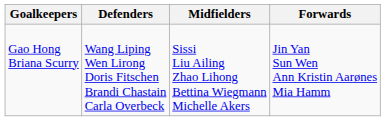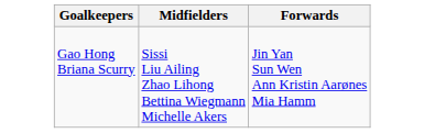 <table class="wikitable" style="margin:0 auto">
 <tr>
 <th>Goalkeepers</th>
-<th>Defenders</th>
 <th>Midfielders</th>
 <th>Forwards</th>
 </tr>
 <tr>
 <td align=left valign=top><br> <a href='#'>Gao Hong</a><br>  <a href='#'>Briana Scurry</a></td>
-<td align=left valign=top><br> <a href='#'>Wang Liping</a><br>  <a href='#'>Wen Lirong</a><br>  <a href='#'>Doris Fitschen</a><br>  <a href='#'>Brandi Chastain</a><br>  <a href='#'>Carla Overbeck</a></td>
 <td align=left valign=top><br> <a href='#'>Sissi</a><br>  <a href='#'>Liu Ailing</a><br>  <a href='#'>Zhao Lihong</a><br>  <a href='#'>Bettina Wiegmann</a><br>  <a href='#'>Michelle Akers</a></td>
 <td align=left valign=top><br> <a href='#'>Jin Yan</a><br>  <a href='#'>Sun Wen</a><br>  <a href='#'>Ann Kristin Aarønes</a><br>  <a href='#'>Mia Hamm</a></td>
 </tr>
 </table>
